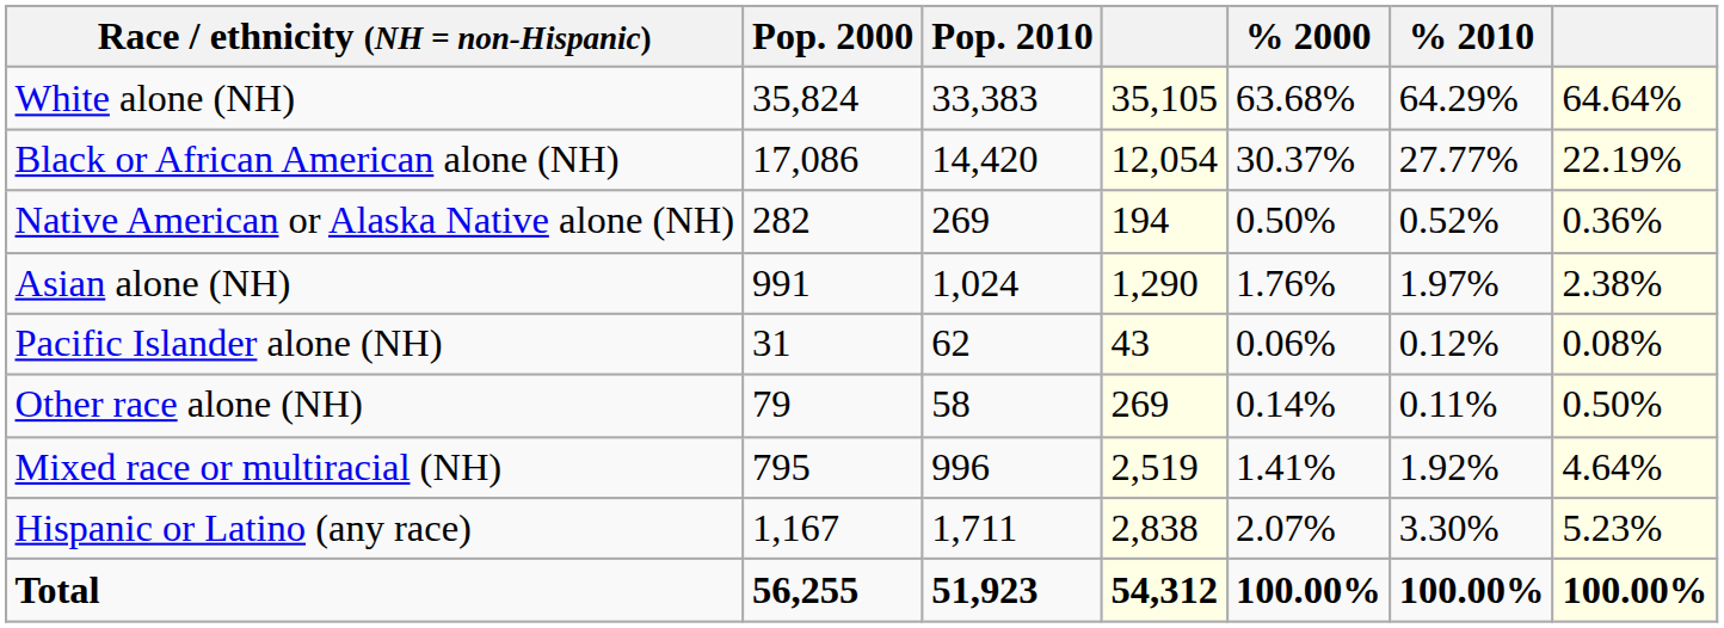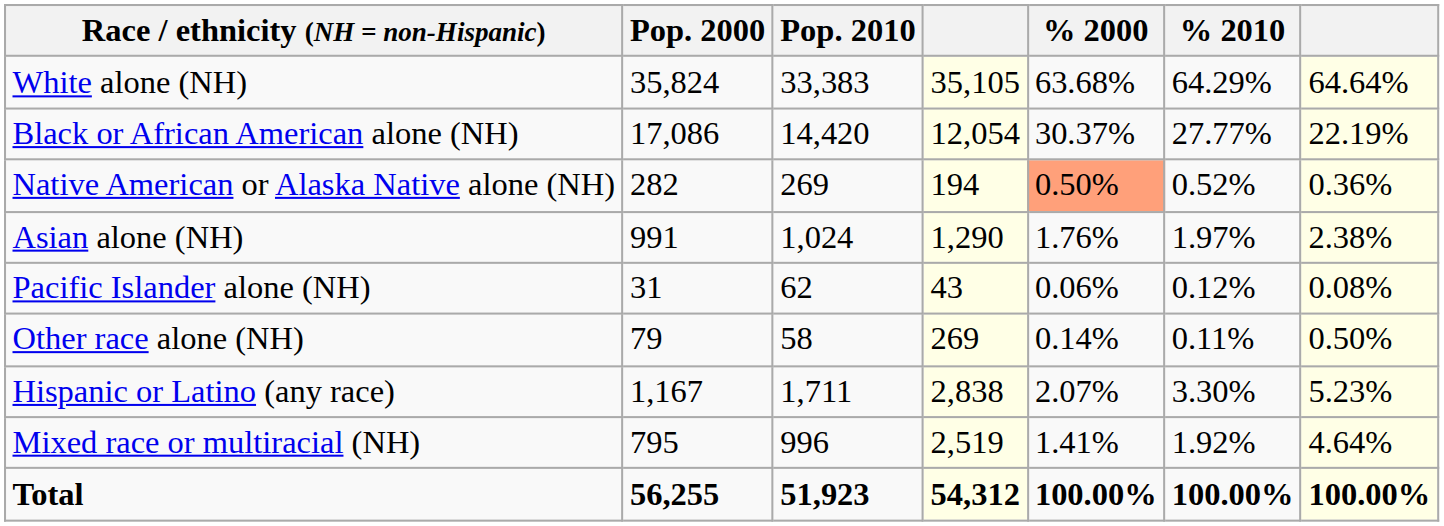 <table class="wikitable">
 <tr>
 <th>Race / ethnicity <small>(<em>NH = non-Hispanic</em>)</small></th>
 <th>Pop. 2000</th>
 <th>Pop. 2010</th>
 <th></th>
 <th>% 2000</th>
 <th>% 2010</th>
 <th></th>
 </tr>
 <tr>
 <td><a href='#'>White</a> alone (NH)</td>
 <td>35,824</td>
 <td>33,383</td>
 <td style='background: #ffffe6;'>35,105</td>
 <td>63.68%</td>
 <td>64.29%</td>
 <td style='background: #ffffe6;'>64.64%</td>
 </tr>
 <tr>
 <td><a href='#'>Black or African American</a> alone (NH)</td>
 <td>17,086</td>
 <td>14,420</td>
 <td style='background: #ffffe6;'>12,054</td>
 <td>30.37%</td>
 <td>27.77%</td>
 <td style='background: #ffffe6;'>22.19%</td>
 </tr>
 <tr>
 <td><a href='#'>Native American</a> or <a href='#'>Alaska Native</a> alone (NH)</td>
 <td>282</td>
 <td>269</td>
 <td style='background: #ffffe6;'>194</td>
-<td>0.50%</td>
+<td style="background: lightsalmon;">0.50%</td>
 <td>0.52%</td>
 <td style='background: #ffffe6;'>0.36%</td>
 </tr>
 <tr>
 <td><a href='#'>Asian</a> alone (NH)</td>
 <td>991</td>
 <td>1,024</td>
 <td style='background: #ffffe6;'>1,290</td>
 <td>1.76%</td>
 <td>1.97%</td>
 <td style='background: #ffffe6;'>2.38%</td>
 </tr>
 <tr>
 <td><a href='#'>Pacific Islander</a> alone (NH)</td>
 <td>31</td>
 <td>62</td>
 <td style='background: #ffffe6;'>43</td>
 <td>0.06%</td>
 <td>0.12%</td>
 <td style='background: #ffffe6;'>0.08%</td>
 </tr>
 <tr>
 <td><a href='#'>Other race</a> alone (NH)</td>
 <td>79</td>
 <td>58</td>
 <td style='background: #ffffe6;'>269</td>
 <td>0.14%</td>
 <td>0.11%</td>
 <td style='background: #ffffe6;'>0.50%</td>
 </tr>
 <tr>
+<td><a href='#'>Hispanic or Latino</a> (any race)</td>
+<td>1,167</td>
+<td>1,711</td>
+<td style='background: #ffffe6;'>2,838</td>
+<td>2.07%</td>
+<td>3.30%</td>
+<td style='background: #ffffe6;'>5.23%</td>
+</tr>
+<tr>
 <td><a href='#'>Mixed race or multiracial</a> (NH)</td>
 <td>795</td>
 <td>996</td>
 <td style='background: #ffffe6;'>2,519</td>
 <td>1.41%</td>
 <td>1.92%</td>
 <td style='background: #ffffe6;'>4.64%</td>
-</tr>
-<tr>
-<td><a href='#'>Hispanic or Latino</a> (any race)</td>
-<td>1,167</td>
-<td>1,711</td>
-<td style='background: #ffffe6;'>2,838</td>
-<td>2.07%</td>
-<td>3.30%</td>
-<td style='background: #ffffe6;'>5.23%</td>
 </tr>
 <tr>
 <td><strong>Total</strong></td>
 <td><strong>56,255</strong></td>
 <td><strong>51,923</strong></td>
 <td style='background: #ffffe6;'><strong>54,312</strong></td>
 <td><strong>100.00%</strong></td>
 <td><strong>100.00%</strong></td>
 <td style='background: #ffffe6;'><strong>100.00%</strong></td>
 </tr>
 </table>
